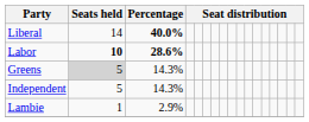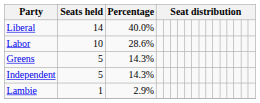 <table class="wikitable" style="text-align:right;">
 <tr>
 <th>Party</th>
 <th>Seats held</th>
 <th>Percentage</th>
 <th colspan=15>Seat distribution</th>
 </tr>
 <tr>
 <td style="text-align:left;"><a href='#'>Liberal</a></td>
 <td>14</td>
-<td><strong>40.0%</strong></td>
+<td>40.0%</td>
 <td> </td>
 <td> </td>
 <td> </td>
 <td> </td>
 <td> </td>
 <td> </td>
 <td> </td>
 <td> </td>
 <td> </td>
 <td> </td>
 <td> </td>
 <td> </td>
 <td> </td>
 <td> </td>
 </tr>
 <tr>
 <td style="text-align:left;"><a href='#'>Labor</a></td>
-<td><strong>10</strong></td>
-<td><strong>28.6%</strong></td>
+<td>10</td>
+<td>28.6%</td>
 <td> </td>
 <td> </td>
 <td> </td>
 <td> </td>
 <td> </td>
 <td> </td>
 <td> </td>
 <td> </td>
 <td> </td>
 <td> </td>
 <td> </td>
 <td> </td>
 <td> </td>
 <td> </td>
 </tr>
 <tr>
 <td style="text-align:left;"><a href='#'>Greens</a></td>
-<td style="background: lightgrey;">5</td>
+<td>5</td>
 <td>14.3%</td>
 <td> </td>
 <td> </td>
 <td> </td>
 <td> </td>
 <td> </td>
 <td> </td>
 <td> </td>
 <td> </td>
 <td> </td>
 <td> </td>
 <td> </td>
 <td> </td>
 <td> </td>
 <td> </td>
 </tr>
 <tr>
 <td style="text-align:left;"><a href='#'>Independent</a></td>
 <td>5</td>
 <td>14.3%</td>
 <td> </td>
 <td> </td>
 <td> </td>
 <td> </td>
 <td> </td>
 <td> </td>
 <td> </td>
 <td> </td>
 <td> </td>
 <td> </td>
 <td> </td>
 <td> </td>
 <td> </td>
 <td> </td>
 </tr>
 <tr>
 <td style="text-align:left;"><a href='#'>Lambie</a></td>
 <td>1</td>
 <td>2.9%</td>
 <td> </td>
 <td> </td>
 <td> </td>
 <td> </td>
 <td> </td>
 <td> </td>
 <td> </td>
 <td> </td>
 <td> </td>
 <td> </td>
 <td> </td>
 <td> </td>
 <td> </td>
 <td> </td>
 </tr>
 <tr>
 </tr>
 </table>
